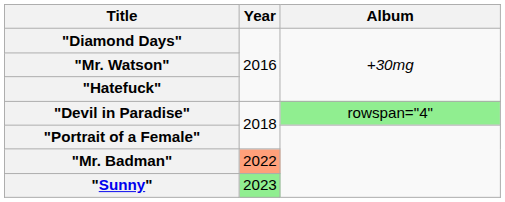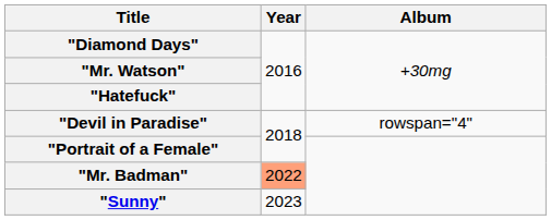 <table class="wikitable plainrowheaders" style="text-align:center;">
 <tr>
 <th scope="col" style="width:15em;">Title</th>
 <th scope="col">Year</th>
 <th scope="col" style="width:14em;">Album</th>
 </tr>
 <tr>
 <th scope="row">"Diamond Days"</th>
 <td rowspan="3">2016</td>
 <td rowspan="3"><em>+30mg</em></td>
 </tr>
 <tr>
 <th scope="row">"Mr. Watson"</th>
 </tr>
 <tr>
 <th scope="row">"Hatefuck"</th>
 </tr>
 <tr>
 <th scope="row">"Devil in Paradise"</th>
 <td rowspan="2">2018</td>
-<td style="background: lightgreen;">rowspan="4" </td>
+<td>rowspan="4" </td>
 </tr>
 <tr>
 <th scope="row">"Portrait of a Female"</th>
 </tr>
 <tr>
 <th scope="row">"Mr. Badman"</th>
 <td style="background: lightsalmon;">2022</td>
 </tr>
 <tr>
 <th scope="row">"<a href='#'>Sunny</a>"</th>
-<td style="background: lightgreen;">2023</td>
+<td>2023</td>
 </tr>
 </table>
